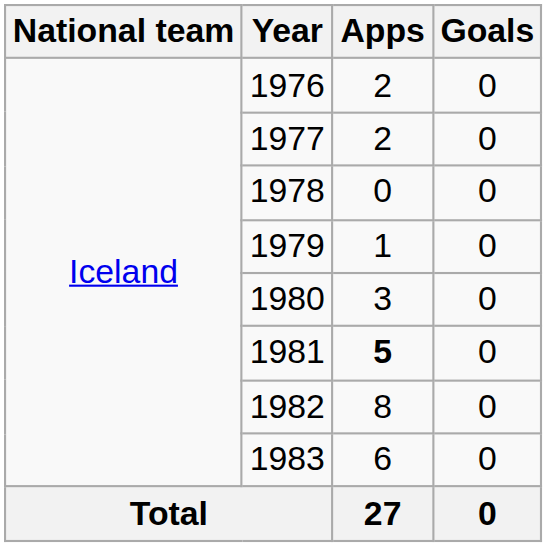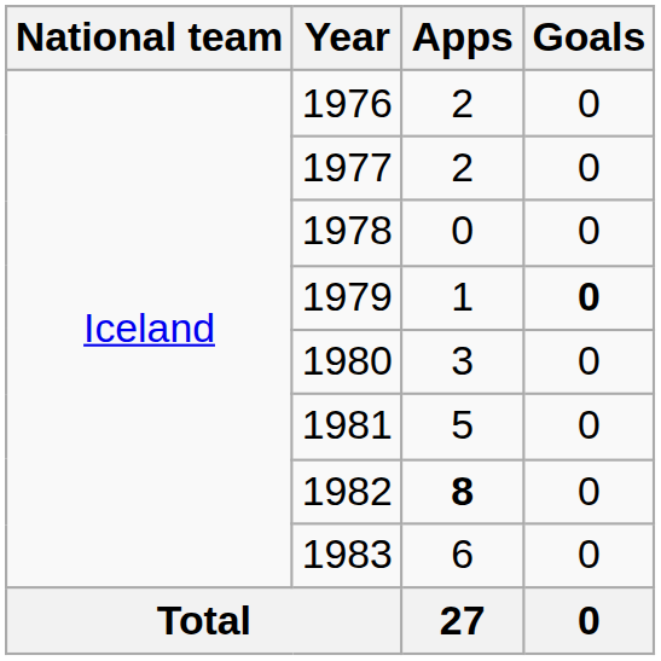 <table class=wikitable style=text-align:center>
 <tr>
 <th>National team</th>
 <th>Year</th>
 <th>Apps</th>
 <th>Goals</th>
 </tr>
 <tr>
 <td rowspan=8><a href='#'>Iceland</a></td>
 <td>1976</td>
 <td>2</td>
 <td>0</td>
 </tr>
 <tr>
 <td>1977</td>
 <td>2</td>
 <td>0</td>
 </tr>
 <tr>
 <td>1978</td>
 <td>0</td>
 <td>0</td>
 </tr>
 <tr>
 <td>1979</td>
 <td>1</td>
-<td>0</td>
+<td><strong>0</strong></td>
 </tr>
 <tr>
 <td>1980</td>
 <td>3</td>
 <td>0</td>
 </tr>
 <tr>
 <td>1981</td>
-<td><strong>5</strong></td>
+<td>5</td>
 <td>0</td>
 </tr>
 <tr>
 <td>1982</td>
-<td>8</td>
+<td><strong>8</strong></td>
 <td>0</td>
 </tr>
 <tr>
 <td>1983</td>
 <td>6</td>
 <td>0</td>
 </tr>
 <tr>
 <th colspan=2>Total</th>
 <th>27</th>
 <th>0</th>
 </tr>
 </table>
